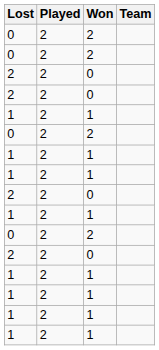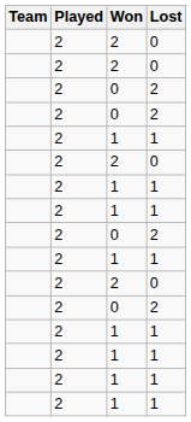 <table class="wikitable sortable">
 <tr>
-<th>Lost</th>
+<th>Team</th>
 <th>Played</th>
 <th>Won</th>
-<th>Team</th>
+<th>Lost</th>
 </tr>
 <tr>
-<td>0</td>
-<td>2</td>
-<td>2</td>
 <td></td>
-</tr>
-<tr>
-<td>0</td>
-<td>2</td>
-<td>2</td>
-<td></td>
-</tr>
-<tr>
 <td>2</td>
 <td>2</td>
 <td>0</td>
-<td></td>
 </tr>
 <tr>
+<td></td>
 <td>2</td>
 <td>2</td>
 <td>0</td>
-<td></td>
 </tr>
 <tr>
-<td>1</td>
+<td></td>
+<td>2</td>
+<td>0</td>
+<td>2</td>
+</tr>
+<tr>
+<td></td>
+<td>2</td>
+<td>0</td>
+<td>2</td>
+</tr>
+<tr>
+<td></td>
 <td>2</td>
 <td>1</td>
-<td></td>
+<td>1</td>
 </tr>
 <tr>
-<td>0</td>
-<td>2</td>
-<td>2</td>
 <td></td>
-</tr>
-<tr>
-<td>1</td>
-<td>2</td>
-<td>1</td>
-<td></td>
-</tr>
-<tr>
-<td>1</td>
-<td>2</td>
-<td>1</td>
-<td></td>
-</tr>
-<tr>
 <td>2</td>
 <td>2</td>
 <td>0</td>
-<td></td>
 </tr>
 <tr>
-<td>1</td>
+<td></td>
 <td>2</td>
 <td>1</td>
-<td></td>
+<td>1</td>
 </tr>
 <tr>
+<td></td>
+<td>2</td>
+<td>1</td>
+<td>1</td>
+</tr>
+<tr>
+<td></td>
+<td>2</td>
 <td>0</td>
 <td>2</td>
-<td>2</td>
-<td></td>
 </tr>
 <tr>
+<td></td>
+<td>2</td>
+<td>1</td>
+<td>1</td>
+</tr>
+<tr>
+<td></td>
 <td>2</td>
 <td>2</td>
 <td>0</td>
-<td></td>
 </tr>
 <tr>
-<td>1</td>
+<td></td>
+<td>2</td>
+<td>0</td>
+<td>2</td>
+</tr>
+<tr>
+<td></td>
 <td>2</td>
 <td>1</td>
-<td></td>
+<td>1</td>
 </tr>
 <tr>
-<td>1</td>
+<td></td>
 <td>2</td>
 <td>1</td>
-<td></td>
+<td>1</td>
 </tr>
 <tr>
-<td>1</td>
+<td></td>
 <td>2</td>
 <td>1</td>
-<td></td>
+<td>1</td>
 </tr>
 <tr>
-<td>1</td>
+<td></td>
 <td>2</td>
 <td>1</td>
-<td></td>
+<td>1</td>
 </tr>
 </table>
